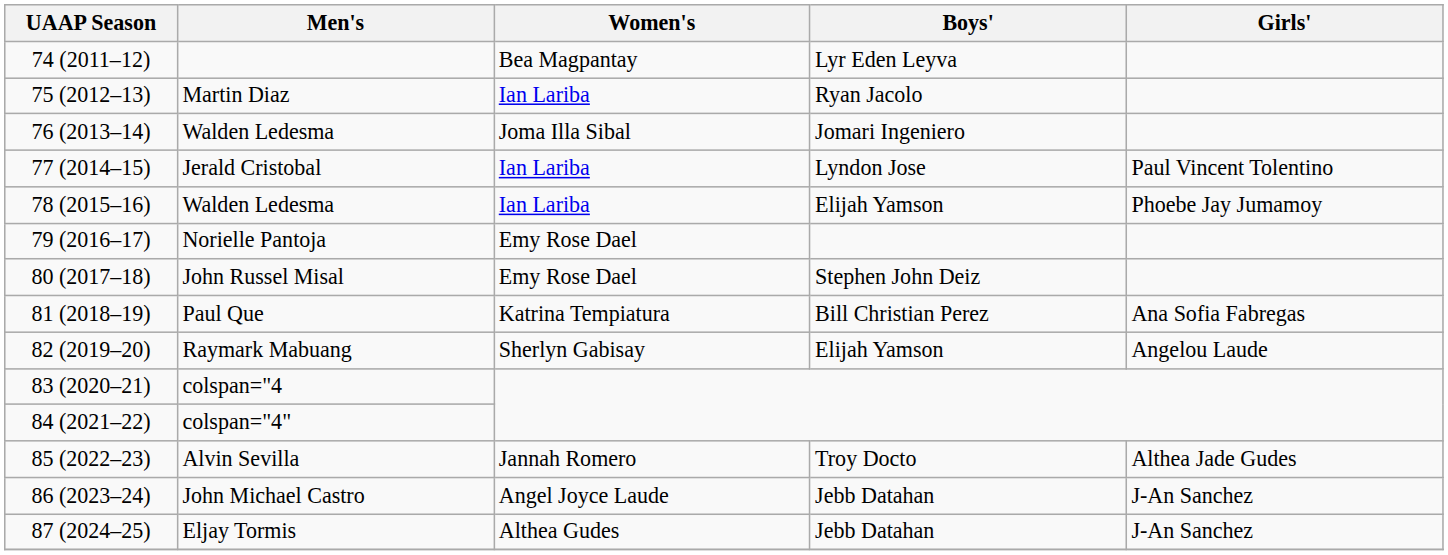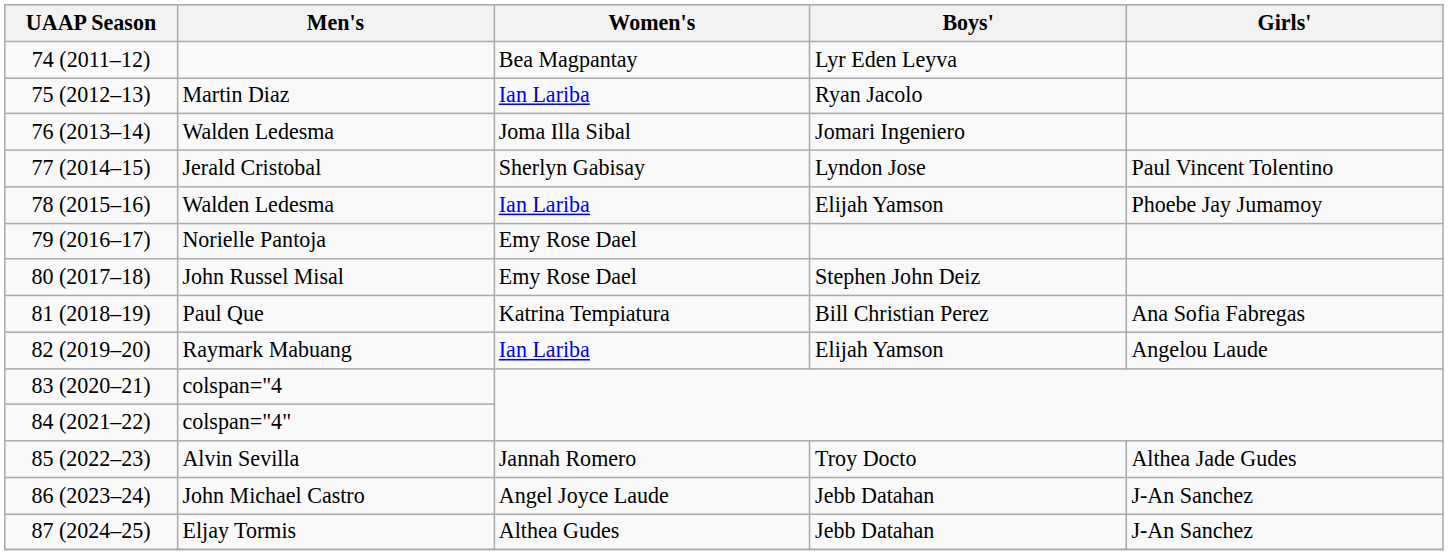 <table class="wikitable" style="font-size:90%;">
 <tr>
 <th width=12%><strong>UAAP Season</strong></th>
 <th width=200px><strong>Men's</strong></th>
 <th width=200px><strong>Women's</strong></th>
 <th width=200px><strong>Boys</strong>'</th>
 <th width=200px><strong>Girls</strong>'</th>
 </tr>
 <tr>
 <td align=center>74 (2011–12)</td>
 <td></td>
 <td> Bea Magpantay</td>
 <td> Lyr Eden Leyva</td>
 <td></td>
 </tr>
 <tr>
 <td align=center>75 (2012–13)</td>
 <td> Martin Diaz</td>
 <td> <a href='#'>Ian Lariba</a></td>
 <td> Ryan Jacolo</td>
 <td></td>
 </tr>
 <tr>
 <td align=center>76 (2013–14)</td>
 <td> Walden Ledesma</td>
 <td> Joma Illa Sibal</td>
 <td> Jomari Ingeniero</td>
 <td></td>
 </tr>
 <tr>
 <td align=center>77 (2014–15)</td>
 <td> Jerald Cristobal</td>
-<td> <a href='#'>Ian Lariba</a></td>
+<td> Sherlyn Gabisay</td>
 <td> Lyndon Jose</td>
 <td> Paul Vincent Tolentino</td>
 </tr>
 <tr>
 <td align=center>78 (2015–16)</td>
 <td> Walden Ledesma</td>
 <td> <a href='#'>Ian Lariba</a></td>
 <td> Elijah Yamson</td>
 <td> Phoebe Jay Jumamoy</td>
 </tr>
 <tr>
 <td align=center>79 (2016–17)</td>
 <td> Norielle Pantoja</td>
 <td> Emy Rose Dael</td>
 <td></td>
 <td></td>
 </tr>
 <tr>
 <td align=center>80 (2017–18)</td>
 <td> John Russel Misal</td>
 <td> Emy Rose Dael</td>
 <td> Stephen John Deiz</td>
 <td></td>
 </tr>
 <tr>
 <td align=center>81 (2018–19)</td>
 <td> Paul Que</td>
 <td> Katrina Tempiatura</td>
 <td> Bill Christian Perez</td>
 <td> Ana Sofia Fabregas</td>
 </tr>
 <tr>
 <td align=center>82 (2019–20)</td>
 <td> Raymark Mabuang</td>
-<td> Sherlyn Gabisay</td>
+<td> <a href='#'>Ian Lariba</a></td>
 <td> Elijah Yamson</td>
 <td> Angelou Laude</td>
 </tr>
 <tr>
 <td align=center>83 (2020–21)</td>
 <td>colspan="4 </td>
 </tr>
 <tr>
 <td align=center>84  (2021–22)</td>
 <td>colspan="4" </td>
 </tr>
 <tr>
 <td align=center>85  (2022–23)</td>
 <td> Alvin Sevilla</td>
 <td> Jannah Romero</td>
 <td> Troy Docto</td>
 <td> Althea Jade Gudes</td>
 </tr>
 <tr>
 <td align=center>86  (2023–24)</td>
 <td> John Michael Castro</td>
 <td> Angel Joyce Laude</td>
 <td> Jebb Datahan</td>
 <td> J-An Sanchez</td>
 </tr>
 <tr>
 <td align=center>87  (2024–25)</td>
 <td> Eljay Tormis</td>
 <td> Althea Gudes</td>
 <td> Jebb Datahan</td>
 <td> J-An Sanchez</td>
 </tr>
 <tr>
 </tr>
 </table>
